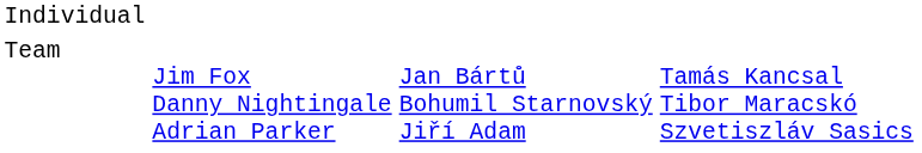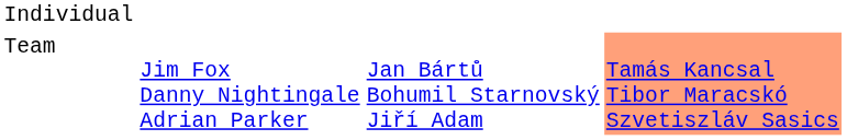 <table>
 <tr valign="top">
 <td>Individual <br> </td>
 <td></td>
 <td></td>
 <td></td>
 </tr>
 <tr valign="top">
 <td>Team <br> </td>
 <td><br><a href='#'>Jim Fox</a><br><a href='#'>Danny Nightingale</a><br><a href='#'>Adrian Parker</a></td>
 <td><br><a href='#'>Jan Bártů</a><br><a href='#'>Bohumil Starnovský</a><br><a href='#'>Jiří Adam</a></td>
-<td><br><a href='#'>Tamás Kancsal</a><br><a href='#'>Tibor Maracskó</a><br><a href='#'>Szvetiszláv Sasics</a></td>
+<td style="background: lightsalmon;"><br><a href='#'>Tamás Kancsal</a><br><a href='#'>Tibor Maracskó</a><br><a href='#'>Szvetiszláv Sasics</a></td>
 </tr>
 <tr>
 </tr>
 </table>
